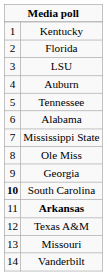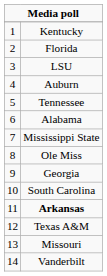 <table class="wikitable">
 <tr align="center">
 <td align="center" Colspan="3"><strong>Media poll</strong></td>
 </tr>
 <tr align="center">
 </tr>
 <tr align="center">
 <td>1</td>
 <td>Kentucky</td>
 </tr>
 <tr align="center">
 <td>2</td>
 <td>Florida</td>
 </tr>
 <tr align="center">
 <td>3</td>
 <td>LSU</td>
 </tr>
 <tr align="center">
 <td>4</td>
 <td>Auburn</td>
 </tr>
 <tr align="center">
 <td>5</td>
 <td>Tennessee</td>
 </tr>
 <tr align="center">
 <td>6</td>
 <td>Alabama</td>
 </tr>
 <tr align="center">
 <td>7</td>
 <td>Mississippi State</td>
 </tr>
 <tr align="center">
 <td>8</td>
 <td>Ole Miss</td>
 </tr>
 <tr align="center">
 <td>9</td>
 <td>Georgia</td>
 </tr>
 <tr align="center">
-<td><strong>10</strong></td>
+<td>10</td>
 <td>South Carolina</td>
 </tr>
 <tr align="center">
 <td>11</td>
 <td><strong>Arkansas</strong></td>
 </tr>
 <tr align="center">
 <td>12</td>
 <td>Texas A&M</td>
 </tr>
 <tr align="center">
 <td>13</td>
 <td>Missouri</td>
 </tr>
 <tr align="center">
 <td>14</td>
 <td>Vanderbilt</td>
 </tr>
 </table>
